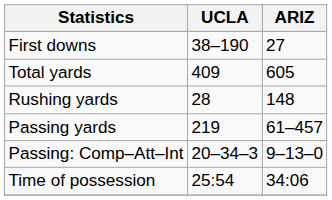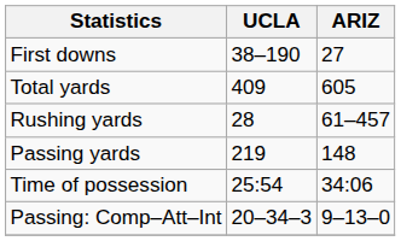 <table class="wikitable" style="float: left;">
 <tr>
 <th>Statistics</th>
 <th>UCLA</th>
 <th>ARIZ</th>
 </tr>
 <tr>
 <td>First downs</td>
 <td>38–190</td>
 <td>27</td>
 </tr>
 <tr>
 <td>Total yards</td>
 <td>409</td>
 <td>605</td>
 </tr>
 <tr>
 <td>Rushing yards</td>
 <td>28</td>
-<td>148</td>
+<td>61–457</td>
 </tr>
 <tr>
 <td>Passing yards</td>
 <td>219</td>
-<td>61–457</td>
+<td>148</td>
+</tr>
+<tr>
+<td>Time of possession</td>
+<td>25:54</td>
+<td>34:06</td>
 </tr>
 <tr>
 <td>Passing: Comp–Att–Int</td>
 <td>20–34–3</td>
 <td>9–13–0</td>
 </tr>
 <tr>
-<td>Time of possession</td>
-<td>25:54</td>
-<td>34:06</td>
-</tr>
-<tr>
 </tr>
 </table>
